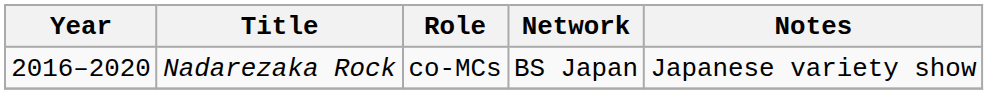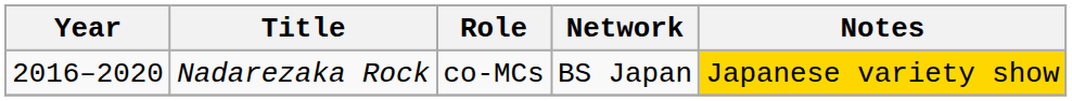 <table class="wikitable sortable">
 <tr>
 <th>Year</th>
 <th>Title</th>
 <th>Role</th>
 <th>Network</th>
 <th class="unsortable">Notes</th>
 </tr>
 <tr>
 <td>2016–2020</td>
 <td><em>Nadarezaka Rock</em></td>
 <td>co-MCs</td>
 <td>BS Japan</td>
-<td>Japanese variety show</td>
+<td style="background: gold;">Japanese variety show</td>
 </tr>
 <tr>
 </tr>
 </table>
